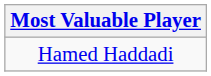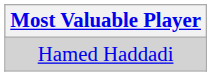 <table class=wikitable style="text-align:center; margin:auto">
 <tr>
 <th><a href='#'>Most Valuable Player</a></th>
 </tr>
 <tr>
-<td> <a href='#'>Hamed Haddadi</a></td>
+<td style="background: lightgrey;"> <a href='#'>Hamed Haddadi</a></td>
 </tr>
 </table>
